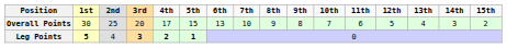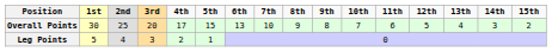 <table class="wikitable" style="font-size:85%; text-align:center">
 <tr>
 <th>Position</th>
 <td style="background:#ffffbf;"> <strong>1st</strong> </td>
 <td style="background:#dfdfdf;"> <strong>2nd</strong> </td>
 <td style="background:#ffdf9f;"> <strong>3rd</strong> </td>
 <td> <strong>4th</strong> </td>
 <td> <strong>5th</strong> </td>
 <td> <strong>6th</strong> </td>
 <td> <strong>7th</strong> </td>
 <td> <strong>8th</strong> </td>
 <td> <strong>9th</strong> </td>
 <td> <strong>10th</strong> </td>
 <td> <strong>11th</strong> </td>
 <td> <strong>12th</strong> </td>
 <td> <strong>13th</strong> </td>
 <td> <strong>14th</strong> </td>
 <td> <strong>15th</strong> </td>
 </tr>
 <tr>
 <th>Overall Points</th>
 <td style="background:#ffffbf;">30</td>
 <td style="background:#dfdfdf;">25</td>
 <td style="background:#ffdf9f;">20</td>
 <td style="background:#dfffdf;">17</td>
 <td style="background:#dfffdf;">15</td>
 <td style="background:#dfffdf;">13</td>
 <td style="background:#dfffdf;">10</td>
 <td style="background:#dfffdf;">9</td>
 <td style="background:#dfffdf;">8</td>
 <td style="background:#dfffdf;">7</td>
 <td style="background:#dfffdf;">6</td>
 <td style="background:#dfffdf;">5</td>
 <td style="background:#dfffdf;">4</td>
 <td style="background:#dfffdf;">3</td>
 <td style="background:#dfffdf;">2</td>
 </tr>
 <tr>
 <th>Leg Points</th>
-<td style="background:#ffffbf;"><strong>5</strong></td>
+<td style="background:#ffffbf;">5</td>
 <td style="background:#dfdfdf;">4</td>
-<td style="background:#ffdf9f;"><strong>3</strong></td>
-<td style="background:#dfffdf;"><strong>2</strong></td>
-<td style="background:#dfffdf;"><strong>1</strong></td>
+<td style="background:#ffdf9f;">3</td>
+<td style="background:#dfffdf;">2</td>
+<td style="background:#dfffdf;">1</td>
 <td style="background:#cfcfff;" colspan=10>0</td>
 </tr>
 </table>
